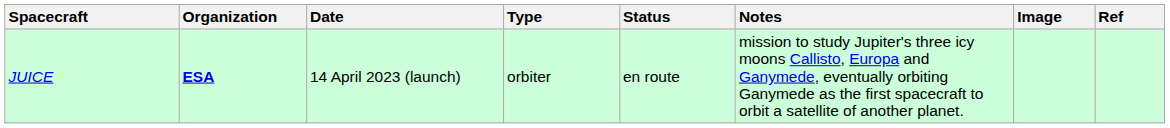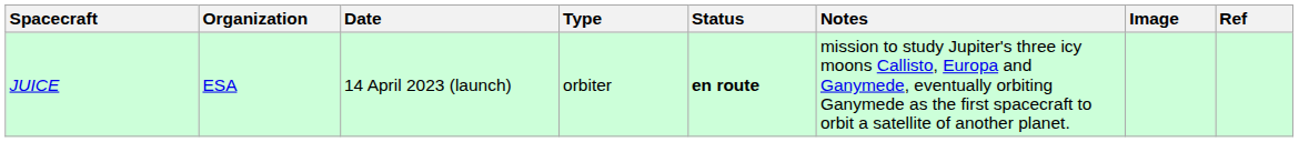 <table class="wikitable sortable" style="margin: 1em auto 1em auto; width:90%; font-size:95%;">
 <tr>
 <th colspan="2"  style="text-align:left; width:15%;">Spacecraft</th>
 <th style="text-align:left; width:11%;">Organization</th>
 <th style="text-align:left; width:17%;">Date</th>
 <th style="text-align:left; width:10%;">Type</th>
 <th style="text-align:left; width:10%;">Status</th>
 <th style="text-align:left; width:24%;">Notes</th>
 <th style="text-align:left; width:7%;">Image</th>
 <th style="text-align:left; width:6%;">Ref</th>
 </tr>
 <tr style="background:#CCFFD9">
 <td colspan="2"><em><a href='#'>JUICE</a></em></td>
-<td><strong> <a href='#'>ESA</a></strong></td>
+<td> <a href='#'>ESA</a></td>
 <td>14 April 2023 (launch)</td>
 <td>orbiter</td>
-<td>en route</td>
+<td><strong>en route</strong></td>
 <td>mission to study Jupiter's three icy moons <a href='#'>Callisto</a>, <a href='#'>Europa</a> and <a href='#'>Ganymede</a>, eventually orbiting Ganymede as the first spacecraft to orbit a satellite of another planet.</td>
 <td></td>
 <td></td>
 </tr>
 </table>
